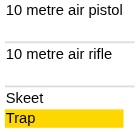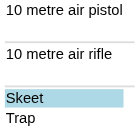 <table>
 <tr>
 <td>10 metre air pistol<br></td>
 <td></td>
 <td></td>
 <td></td>
 </tr>
 <tr>
 <td><br></td>
 <td></td>
 <td></td>
 <td></td>
 </tr>
 <tr bgcolor=#DDDDDD>
 <td colspan=7></td>
 </tr>
 <tr>
 <td>10 metre air rifle<br></td>
 <td></td>
 <td></td>
 <td></td>
 </tr>
 <tr>
 <td><br></td>
 <td></td>
 <td></td>
 <td></td>
 </tr>
 <tr bgcolor=#DDDDDD>
 <td colspan=7></td>
 </tr>
 <tr>
-<td>Skeet <br></td>
+<td style="background: lightblue;">Skeet <br></td>
 <td></td>
 <td></td>
 <td></td>
 </tr>
 <tr>
-<td style="background: gold;">Trap <br></td>
+<td>Trap <br></td>
 <td></td>
 <td></td>
 <td></td>
 </tr>
 </table>
